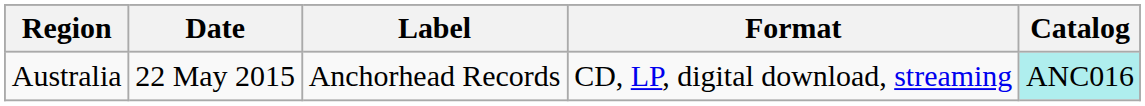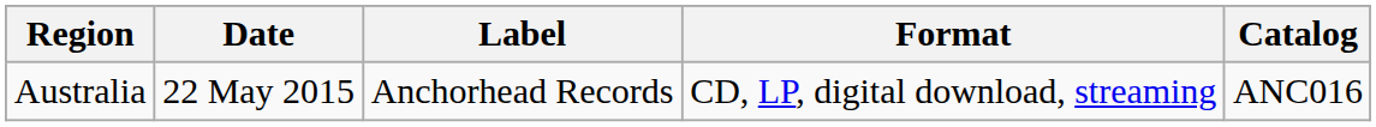 <table class="wikitable">
 <tr>
 <th>Region</th>
 <th>Date</th>
 <th>Label</th>
 <th>Format</th>
 <th>Catalog</th>
 </tr>
 <tr>
 <td rowspan="2">Australia</td>
 <td rowspan="2">22 May 2015</td>
 <td rowspan="2">Anchorhead Records</td>
 <td>CD, <a href='#'>LP</a>, digital download, <a href='#'>streaming</a></td>
-<td style="background: paleturquoise;">ANC016</td>
+<td>ANC016</td>
 </tr>
 </table>
